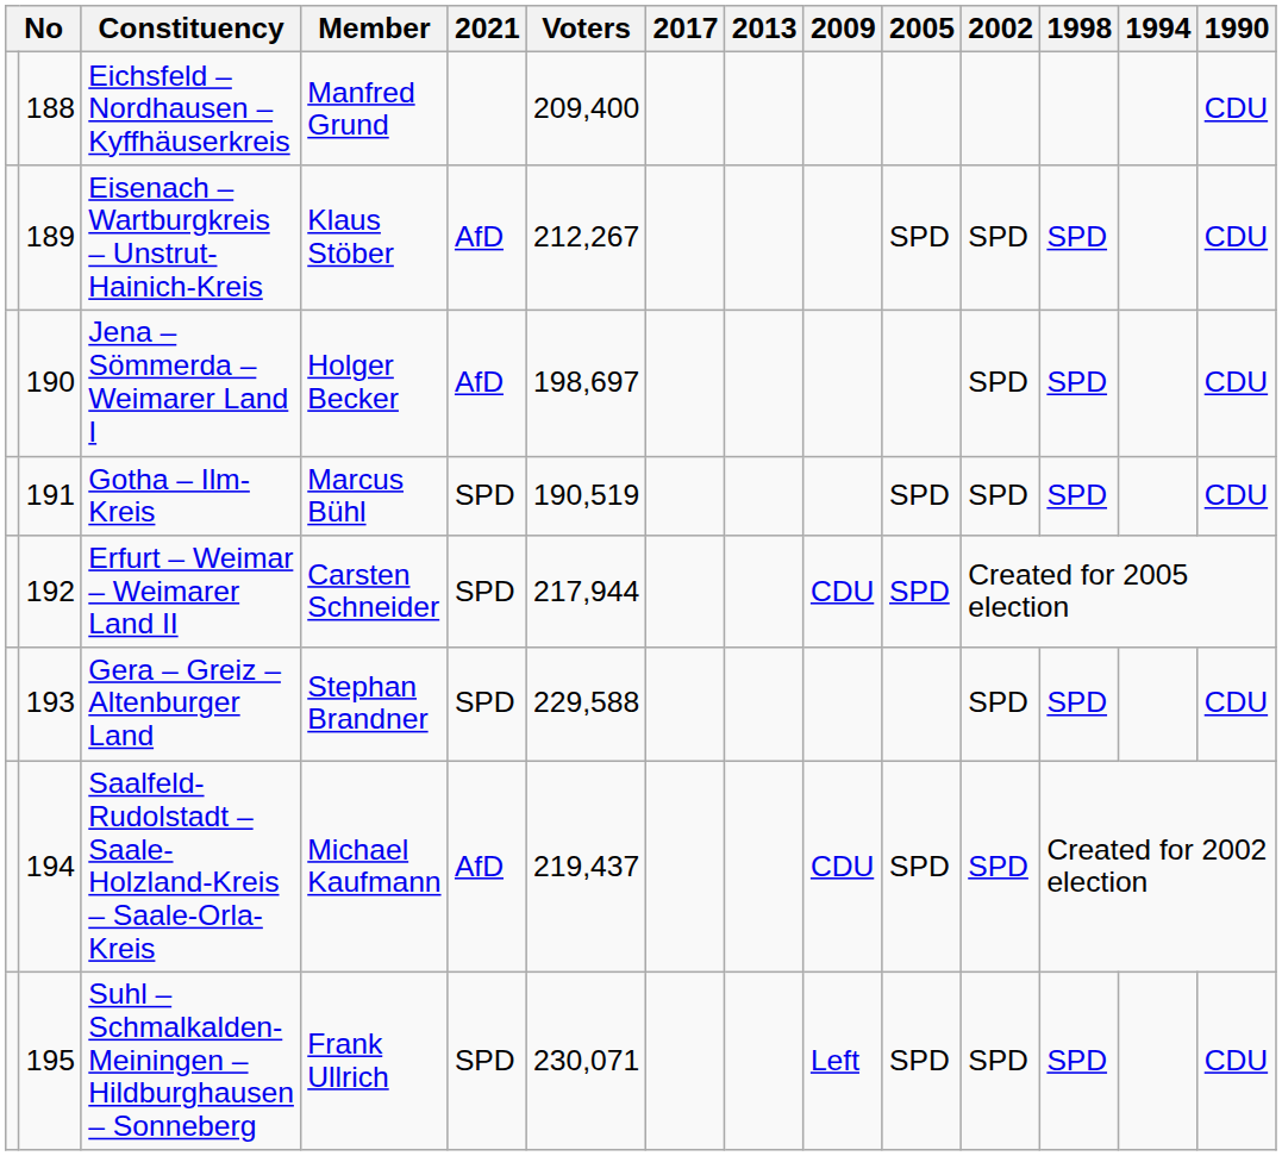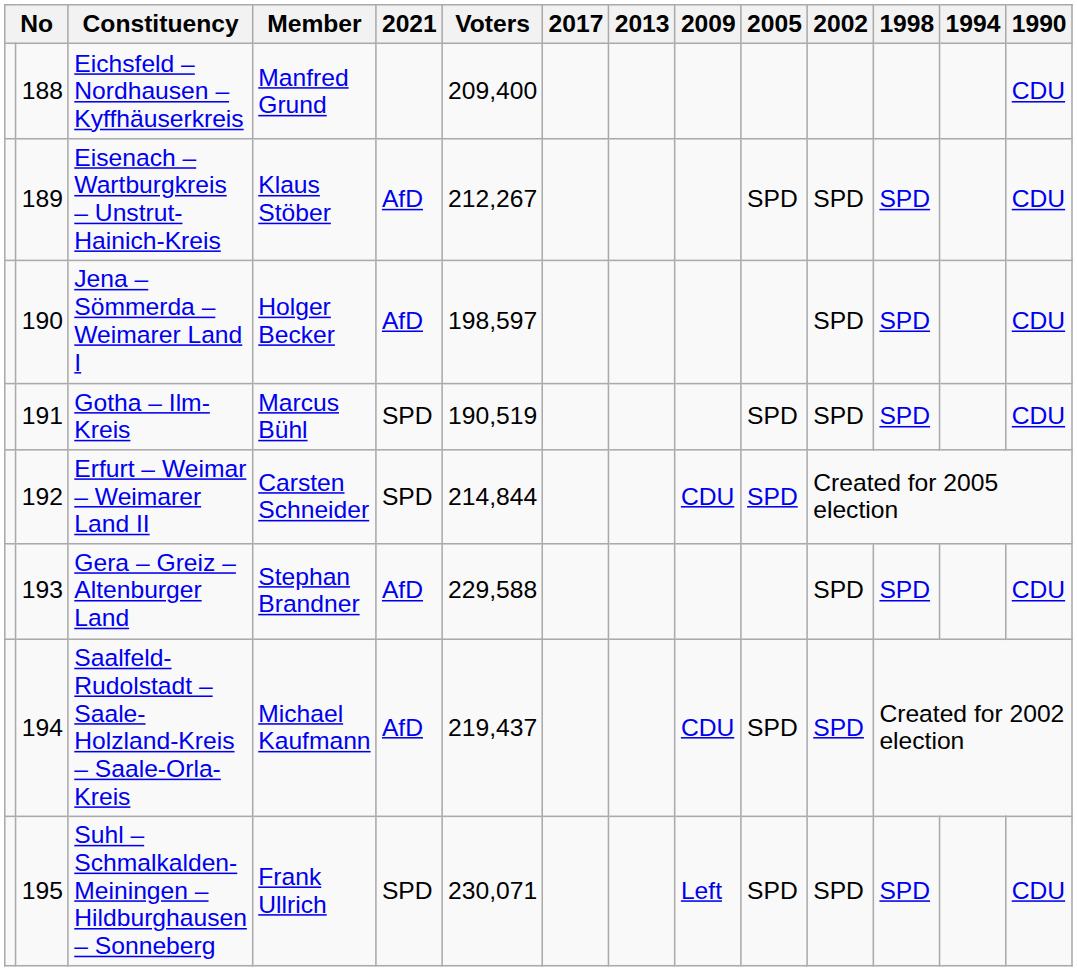 <table class="wikitable sortable">
 <tr>
 <th colspan=2>No</th>
 <th>Constituency</th>
 <th>Member</th>
 <th>2021</th>
 <th>Voters</th>
 <th>2017</th>
 <th>2013</th>
 <th>2009</th>
 <th>2005</th>
 <th>2002</th>
 <th>1998</th>
 <th>1994</th>
 <th>1990</th>
 </tr>
 <tr>
 <td style="background-color: "></td>
 <td>188</td>
 <td><a href='#'>Eichsfeld – Nordhausen – Kyffhäuserkreis</a></td>
 <td><a href='#'>Manfred Grund</a></td>
 <td></td>
 <td>209,400</td>
 <td></td>
 <td></td>
 <td></td>
 <td></td>
 <td></td>
 <td></td>
 <td></td>
 <td><a href='#'>CDU</a></td>
 </tr>
 <tr>
 <td style="background-color: "></td>
 <td>189</td>
 <td><a href='#'>Eisenach – Wartburgkreis – Unstrut-Hainich-Kreis</a></td>
 <td><a href='#'>Klaus Stöber</a></td>
 <td><a href='#'>AfD</a></td>
 <td>212,267</td>
 <td></td>
 <td></td>
 <td></td>
 <td bgcolor=>SPD</td>
 <td bgcolor=>SPD</td>
 <td><a href='#'>SPD</a></td>
 <td></td>
 <td><a href='#'>CDU</a></td>
 </tr>
 <tr>
 <td style="background-color: "></td>
 <td>190</td>
 <td><a href='#'>Jena – Sömmerda – Weimarer Land I</a></td>
 <td><a href='#'>Holger Becker</a></td>
 <td><a href='#'>AfD</a></td>
-<td>198,697</td>
+<td>198,597</td>
 <td></td>
 <td></td>
 <td></td>
 <td></td>
 <td bgcolor=>SPD</td>
 <td><a href='#'>SPD</a></td>
 <td></td>
 <td><a href='#'>CDU</a></td>
 </tr>
 <tr>
 <td style="background-color: "></td>
 <td>191</td>
 <td><a href='#'>Gotha – Ilm-Kreis</a></td>
 <td><a href='#'>Marcus Bühl</a></td>
 <td bgcolor=>SPD</td>
 <td>190,519</td>
 <td></td>
 <td></td>
 <td></td>
 <td bgcolor=>SPD</td>
 <td bgcolor=>SPD</td>
 <td><a href='#'>SPD</a></td>
 <td></td>
 <td><a href='#'>CDU</a></td>
 </tr>
 <tr>
 <td style="background-color: "></td>
 <td>192</td>
 <td><a href='#'>Erfurt – Weimar – Weimarer Land II</a></td>
 <td><a href='#'>Carsten Schneider</a></td>
 <td bgcolor=>SPD</td>
-<td>217,944</td>
+<td>214,844</td>
 <td></td>
 <td></td>
 <td><a href='#'>CDU</a></td>
 <td><a href='#'>SPD</a></td>
 <td colspan=4>Created for 2005 election</td>
 </tr>
 <tr>
 <td style="background-color: "></td>
 <td>193</td>
 <td><a href='#'>Gera – Greiz – Altenburger Land</a></td>
 <td><a href='#'>Stephan Brandner</a></td>
-<td bgcolor=>SPD</td>
+<td><a href='#'>AfD</a></td>
 <td>229,588</td>
 <td></td>
 <td></td>
 <td></td>
 <td></td>
 <td bgcolor=>SPD</td>
 <td><a href='#'>SPD</a></td>
 <td></td>
 <td><a href='#'>CDU</a></td>
 </tr>
 <tr>
 <td style="background-color: "></td>
 <td>194</td>
 <td><a href='#'>Saalfeld-Rudolstadt – Saale-Holzland-Kreis – Saale-Orla-Kreis</a></td>
 <td><a href='#'>Michael Kaufmann</a></td>
 <td><a href='#'>AfD</a></td>
 <td>219,437</td>
 <td></td>
 <td></td>
 <td><a href='#'>CDU</a></td>
 <td bgcolor=>SPD</td>
 <td><a href='#'>SPD</a></td>
 <td colspan=3>Created for 2002 election</td>
 </tr>
 <tr>
 <td style="background-color: "></td>
 <td>195</td>
 <td><a href='#'>Suhl – Schmalkalden-Meiningen – Hildburghausen – Sonneberg</a></td>
 <td><a href='#'>Frank Ullrich</a></td>
 <td bgcolor=>SPD</td>
 <td>230,071</td>
 <td></td>
 <td></td>
 <td><a href='#'>Left</a></td>
 <td bgcolor=>SPD</td>
 <td bgcolor=>SPD</td>
 <td><a href='#'>SPD</a></td>
 <td></td>
 <td><a href='#'>CDU</a></td>
 </tr>
 </table>
